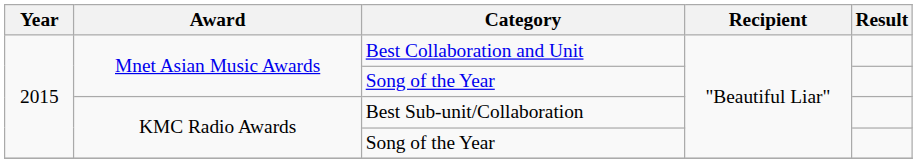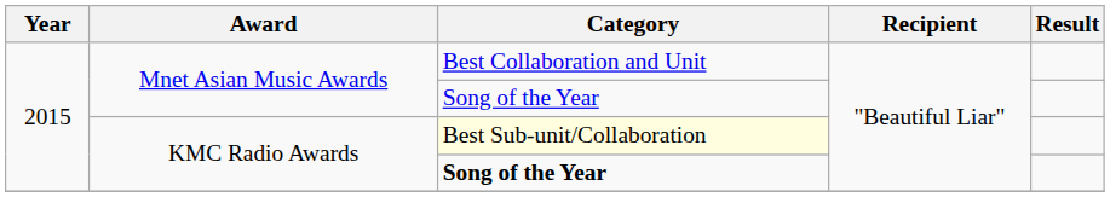 <table class="wikitable">
 <tr>
 <th style="width:50px;">Year</th>
 <th style="width:230px;">Award</th>
 <th style="width:260px;">Category</th>
 <th style="width:130px;">Recipient</th>
 <th>Result</th>
 </tr>
 <tr>
 <td align="center" rowspan="4">2015</td>
 <td align="center" rowspan="2"><a href='#'>Mnet Asian Music Awards</a></td>
 <td><a href='#'>Best Collaboration and Unit</a></td>
 <td align="center" rowspan="4">"Beautiful Liar"</td>
 <td></td>
 </tr>
 <tr>
 <td><a href='#'>Song of the Year</a></td>
 <td></td>
 </tr>
 <tr>
 <td align="center" rowspan="2">KMC Radio Awards</td>
-<td>Best Sub-unit/Collaboration</td>
+<td style="background: lightyellow;">Best Sub-unit/Collaboration</td>
 <td></td>
 </tr>
 <tr>
-<td>Song of the Year</td>
+<td><strong>Song of the Year</strong></td>
 <td></td>
 </tr>
 <tr>
 </tr>
 </table>
